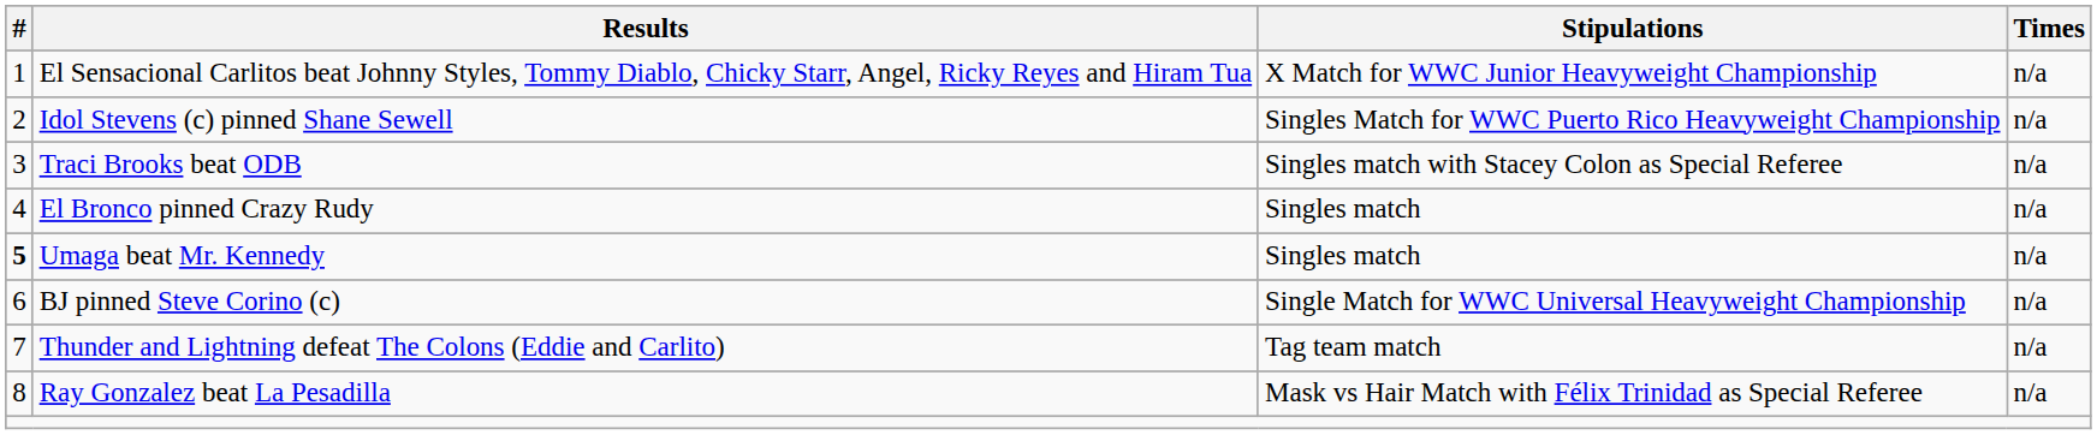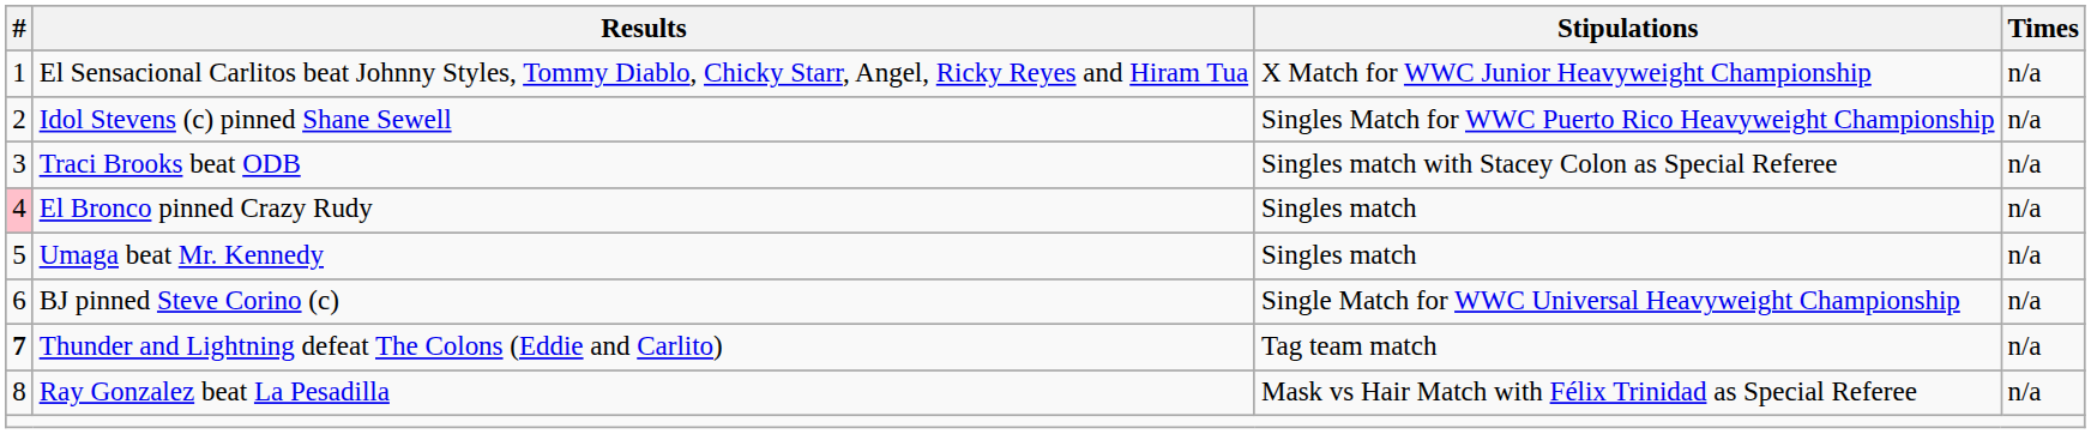 <table style="font-size: 85%" class="wikitable sortable">
 <tr>
 <th><strong>#</strong></th>
 <th><strong>Results</strong></th>
 <th><strong>Stipulations</strong></th>
 <th><strong>Times</strong></th>
 </tr>
 <tr>
 <td>1</td>
 <td>El Sensacional Carlitos beat Johnny Styles, <a href='#'>Tommy Diablo</a>, <a href='#'>Chicky Starr</a>, Angel, <a href='#'>Ricky Reyes</a> and <a href='#'>Hiram Tua</a></td>
 <td>X Match for <a href='#'>WWC Junior Heavyweight Championship</a></td>
 <td>n/a</td>
 </tr>
 <tr>
 <td>2</td>
 <td><a href='#'>Idol Stevens</a> (c) pinned <a href='#'>Shane Sewell</a></td>
 <td>Singles Match for <a href='#'>WWC Puerto Rico Heavyweight Championship</a></td>
 <td>n/a</td>
 </tr>
 <tr>
 <td>3</td>
 <td><a href='#'>Traci Brooks</a> beat <a href='#'>ODB</a></td>
 <td>Singles match with Stacey Colon as Special Referee</td>
 <td>n/a</td>
 </tr>
 <tr>
-<td>4</td>
+<td style="background: pink;">4</td>
 <td><a href='#'>El Bronco</a> pinned Crazy Rudy</td>
 <td>Singles match</td>
 <td>n/a</td>
 </tr>
 <tr>
-<td><strong>5</strong></td>
+<td>5</td>
 <td><a href='#'>Umaga</a> beat <a href='#'>Mr. Kennedy</a></td>
 <td>Singles match</td>
 <td>n/a</td>
 </tr>
 <tr>
 <td>6</td>
 <td>BJ pinned <a href='#'>Steve Corino</a> (c)</td>
 <td>Single Match for <a href='#'>WWC Universal Heavyweight Championship</a></td>
 <td>n/a</td>
 </tr>
 <tr>
-<td>7</td>
+<td><strong>7</strong></td>
 <td><a href='#'>Thunder and Lightning</a> defeat <a href='#'>The Colons</a> (<a href='#'>Eddie</a> and <a href='#'>Carlito</a>)</td>
 <td>Tag team match</td>
 <td>n/a</td>
 </tr>
 <tr>
 <td>8</td>
 <td><a href='#'>Ray Gonzalez</a> beat <a href='#'>La Pesadilla</a></td>
 <td>Mask vs Hair Match with <a href='#'>Félix Trinidad</a> as Special Referee</td>
 <td>n/a</td>
 </tr>
 <tr>
 <td colspan=4></td>
 </tr>
 </table>
